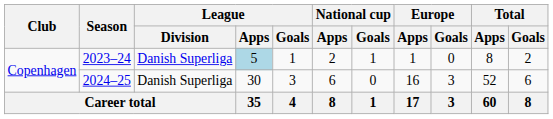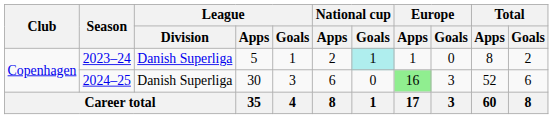 <table class="wikitable" style="text-align:center">
 <tr>
 <th rowspan="2">Club</th>
 <th rowspan="2">Season</th>
 <th colspan="3">League</th>
 <th colspan="2">National cup</th>
 <th colspan="2">Europe</th>
 <th colspan="2">Total</th>
 </tr>
 <tr>
 <th>Division</th>
 <th>Apps</th>
 <th>Goals</th>
 <th>Apps</th>
 <th>Goals</th>
 <th>Apps</th>
 <th>Goals</th>
 <th>Apps</th>
 <th>Goals</th>
 </tr>
 <tr>
 <td rowspan="2"><a href='#'>Copenhagen</a></td>
 <td><a href='#'>2023–24</a></td>
 <td><a href='#'>Danish Superliga</a></td>
-<td style="background: lightblue;">5</td>
+<td>5</td>
 <td>1</td>
 <td>2</td>
-<td>1</td>
+<td style="background: paleturquoise;">1</td>
 <td>1</td>
 <td>0</td>
 <td>8</td>
 <td>2</td>
 </tr>
 <tr>
 <td><a href='#'>2024–25</a></td>
 <td>Danish Superliga</td>
 <td>30</td>
 <td>3</td>
 <td>6</td>
 <td>0</td>
-<td>16</td>
+<td style="background: lightgreen;">16</td>
 <td>3</td>
 <td>52</td>
 <td>6</td>
 </tr>
 <tr>
 <th colspan="3">Career total</th>
 <th>35</th>
 <th>4</th>
 <th>8</th>
 <th>1</th>
 <th>17</th>
 <th>3</th>
 <th>60</th>
 <th>8</th>
 </tr>
 </table>
